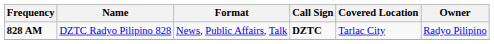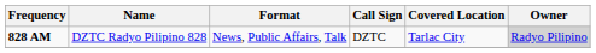 <table class="wikitable" style="font-size:90%;">
 <tr>
 <th>Frequency</th>
 <th>Name</th>
 <th>Format</th>
 <th>Call Sign</th>
 <th>Covered Location</th>
 <th>Owner</th>
 </tr>
 <tr>
 <td><strong>828 AM</strong></td>
 <td><a href='#'>DZTC Radyo Pilipino 828</a></td>
 <td><a href='#'>News</a>, <a href='#'>Public Affairs</a>, <a href='#'>Talk</a></td>
-<td><strong>DZTC</strong></td>
+<td>DZTC</td>
 <td><a href='#'>Tarlac City</a></td>
-<td><a href='#'>Radyo Pilipino</a></td>
+<td style="background: lightgrey;"><a href='#'>Radyo Pilipino</a></td>
 </tr>
 <tr>
 </tr>
 </table>
